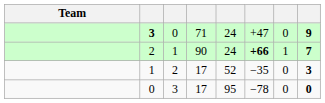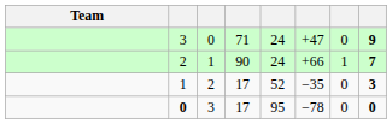 <table class="wikitable" style="text-align:center;">
 <tr>
 <th style="width:11.0em;">Team</th>
 <th style="width:1.5em;"></th>
 <th style="width:1.5em;"></th>
 <th style="width:2.0em;"></th>
 <th style="width:2.0em;"></th>
 <th style="width:2.0em;"></th>
 <th style="width:1.5em;"></th>
 <th style="width:1.5em;"></th>
 </tr>
 <tr bgcolor=#cfc>
 <td align="left"></td>
-<td><strong>3</strong></td>
+<td>3</td>
 <td>0</td>
 <td>71</td>
 <td>24</td>
 <td>+47</td>
 <td>0</td>
 <td><strong>9</strong></td>
 </tr>
 <tr bgcolor=#cfc>
 <td align="left"></td>
 <td>2</td>
 <td>1</td>
 <td>90</td>
 <td>24</td>
-<td><strong>+66</strong></td>
+<td>+66</td>
 <td>1</td>
 <td><strong>7</strong></td>
 </tr>
 <tr>
 <td align="left"></td>
 <td>1</td>
 <td>2</td>
 <td>17</td>
 <td>52</td>
 <td>−35</td>
 <td>0</td>
 <td><strong>3</strong></td>
 </tr>
 <tr>
 <td align="left"></td>
-<td>0</td>
+<td><strong>0</strong></td>
 <td>3</td>
 <td>17</td>
 <td>95</td>
 <td>−78</td>
 <td>0</td>
 <td><strong>0</strong></td>
 </tr>
 </table>
